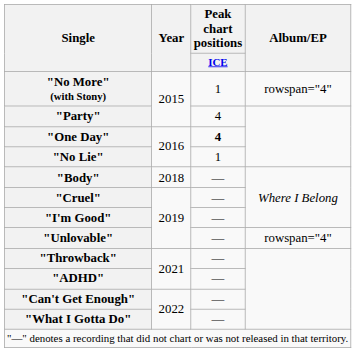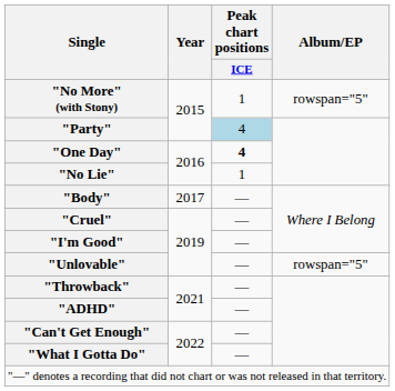 <table class="wikitable plainrowheaders" style="text-align:center;">
 <tr>
 <th scope="col" rowspan="2">Single</th>
 <th scope="col" rowspan="2">Year</th>
 <th scope="col" colspan="1">Peak chart positions</th>
 <th scope="col" rowspan="2">Album/EP</th>
 </tr>
 <tr>
 <th scope="col" style="width:3em;font-size:85%;"><a href='#'>ICE</a><br></th>
 </tr>
 <tr>
 <th scope="row">"No More"<br><small>(with Stony)</small></th>
 <td rowspan="2">2015</td>
 <td>1</td>
-<td>rowspan="4" </td>
+<td>rowspan="5" </td>
 </tr>
 <tr>
 <th scope="row">"Party"</th>
-<td>4</td>
+<td style="background: lightblue;">4</td>
 </tr>
 <tr>
 <th scope="row">"One Day"</th>
 <td rowspan="2">2016</td>
 <td><strong>4</strong></td>
 </tr>
 <tr>
 <th scope="row">"No Lie"</th>
 <td>1</td>
 </tr>
 <tr>
 <th scope="row">"Body"</th>
-<td>2018</td>
+<td>2017</td>
 <td>—</td>
 <td rowspan="3"><em>Where I Belong</em></td>
 </tr>
 <tr>
 <th scope="row">"Cruel"</th>
 <td rowspan="3">2019</td>
 <td>—</td>
 </tr>
 <tr>
 <th scope="row">"I'm Good"</th>
 <td>—</td>
 </tr>
 <tr>
 <th scope="row">"Unlovable"</th>
 <td>—</td>
-<td>rowspan="4" </td>
+<td>rowspan="5" </td>
 </tr>
 <tr>
 <th scope="row">"Throwback"</th>
 <td rowspan="2">2021</td>
 <td>—</td>
 </tr>
 <tr>
 <th scope="row">"ADHD"</th>
 <td>—</td>
 </tr>
 <tr>
 <th scope="row">"Can't Get Enough"</th>
 <td rowspan="2">2022</td>
 <td>—</td>
 </tr>
 <tr>
 <th scope="row">"What I Gotta Do"</th>
 <td>—</td>
 </tr>
 <tr>
 <td colspan="4" style="font-size:85%">"—" denotes a recording that did not chart or was not released in that territory.</td>
 </tr>
 </table>
